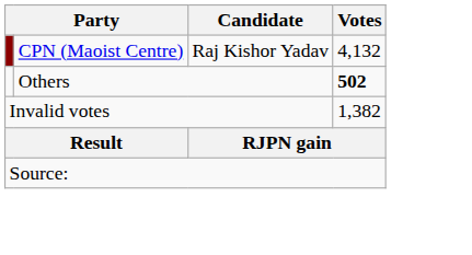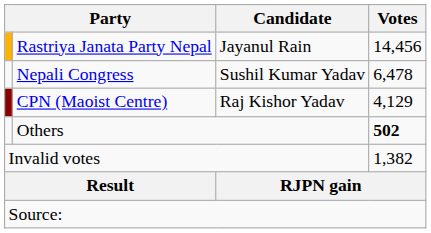 <table class="wikitable">
 <tr>
 <th colspan="2">Party</th>
 <th>Candidate</th>
 <th>Votes</th>
 </tr>
 <tr>
+<td style="background-color:#ffb300"></td>
+<td><a href='#'>Rastriya Janata Party Nepal</a></td>
+<td>Jayanul Rain</td>
+<td>14,456</td>
+</tr>
+<tr>
+<td style="background-color:"></td>
+<td><a href='#'>Nepali Congress</a></td>
+<td>Sushil Kumar Yadav</td>
+<td>6,478</td>
+</tr>
+<tr>
 <td style="background-color:darkred"></td>
 <td><a href='#'>CPN (Maoist Centre)</a></td>
 <td>Raj Kishor Yadav</td>
-<td>4,132</td>
+<td>4,129</td>
 </tr>
 <tr>
 <td></td>
 <td colspan="2">Others</td>
 <td><strong>502</strong></td>
 </tr>
 <tr>
 <td colspan="3">Invalid votes</td>
 <td>1,382</td>
 </tr>
 <tr>
 <th colspan="2">Result</th>
 <th colspan="2">RJPN gain</th>
 </tr>
 <tr>
 <td colspan="4">Source: </td>
 </tr>
 </table>
